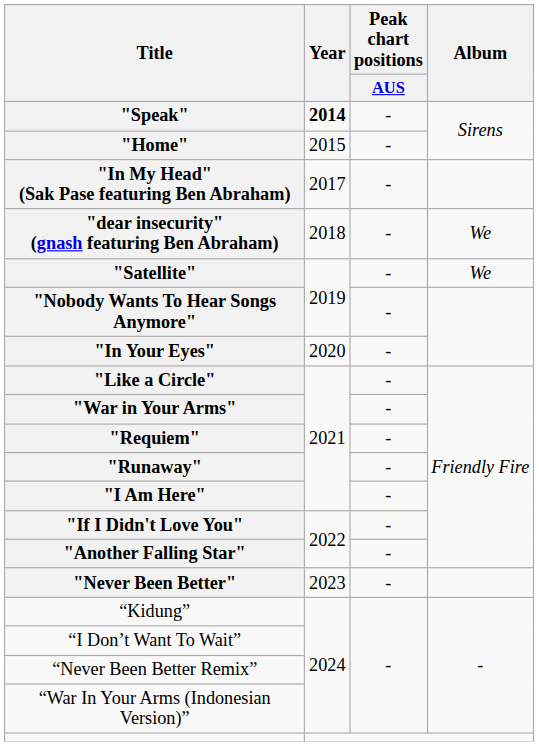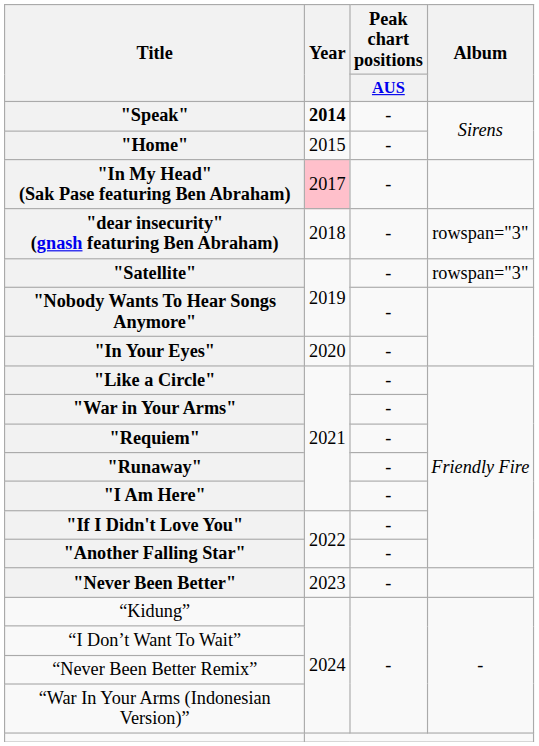 <table class="wikitable plainrowheaders" style="text-align:center;" border="1">
 <tr>
 <th scope="col" rowspan="2" style="width:16em;">Title</th>
 <th scope="col" rowspan="2">Year</th>
 <th scope="col" colspan="1">Peak chart positions</th>
 <th scope="col" rowspan="2">Album</th>
 </tr>
 <tr>
 <th scope="col" style="width:3em;font-size:90%;"><a href='#'>AUS</a><br></th>
 </tr>
 <tr>
 <th scope="row">"Speak"</th>
 <td rowspan="1"><strong>2014</strong></td>
 <td>-</td>
 <td rowspan="2"><em>Sirens</em></td>
 </tr>
 <tr>
 <th scope="row">"Home"</th>
 <td rowspan="1">2015</td>
 <td>-</td>
 </tr>
 <tr>
 <th scope="row">"In My Head"<br>(Sak Pase featuring Ben Abraham)</th>
-<td rowspan="1">2017</td>
+<td rowspan="1" style="background: pink;">2017</td>
 <td>-</td>
 <td></td>
 </tr>
 <tr>
 <th scope="row">"dear insecurity"<br>(<a href='#'>gnash</a> featuring Ben Abraham)</th>
 <td rowspan="1">2018</td>
 <td>-</td>
-<td><em>We</em></td>
+<td>rowspan="3" </td>
 </tr>
 <tr>
 <th scope="row">"Satellite"</th>
 <td rowspan="2">2019</td>
 <td>-</td>
-<td><em>We</em></td>
+<td>rowspan="3" </td>
 </tr>
 <tr>
 <th scope="row">"Nobody Wants To Hear Songs Anymore"</th>
 <td>-</td>
 </tr>
 <tr>
 <th scope="row">"In Your Eyes"</th>
 <td rowspan="1">2020</td>
 <td>-</td>
 </tr>
 <tr>
 <th scope="row">"Like a Circle"</th>
 <td rowspan="5">2021</td>
 <td>-</td>
 <td rowspan="7"><em>Friendly Fire</em></td>
 </tr>
 <tr>
 <th scope="row">"War in Your Arms"</th>
 <td>-</td>
 </tr>
 <tr>
 <th scope="row">"Requiem"</th>
 <td>-</td>
 </tr>
 <tr>
 <th scope="row">"Runaway"</th>
 <td>-</td>
 </tr>
 <tr>
 <th scope="row">"I Am Here"</th>
 <td>-</td>
 </tr>
 <tr>
 <th scope="row">"If I Didn't Love You"</th>
 <td rowspan="2">2022</td>
 <td>-</td>
 </tr>
 <tr>
 <th scope="row">"Another Falling Star"</th>
 <td>-</td>
 </tr>
 <tr>
 <th scope="row">"Never Been Better"</th>
 <td>2023</td>
 <td>-</td>
 <td></td>
 </tr>
 <tr>
 <td>“Kidung”</td>
 <td rowspan="4">2024</td>
 <td rowspan="4">-</td>
 <td rowspan="4">-</td>
 </tr>
 <tr>
 <td>“I Don’t Want To Wait”</td>
 </tr>
 <tr>
 <td>“Never Been Better Remix”</td>
 </tr>
 <tr>
 <td>“War In Your Arms (Indonesian Version)”</td>
 </tr>
 <tr>
 <td></td>
 </tr>
 </table>
